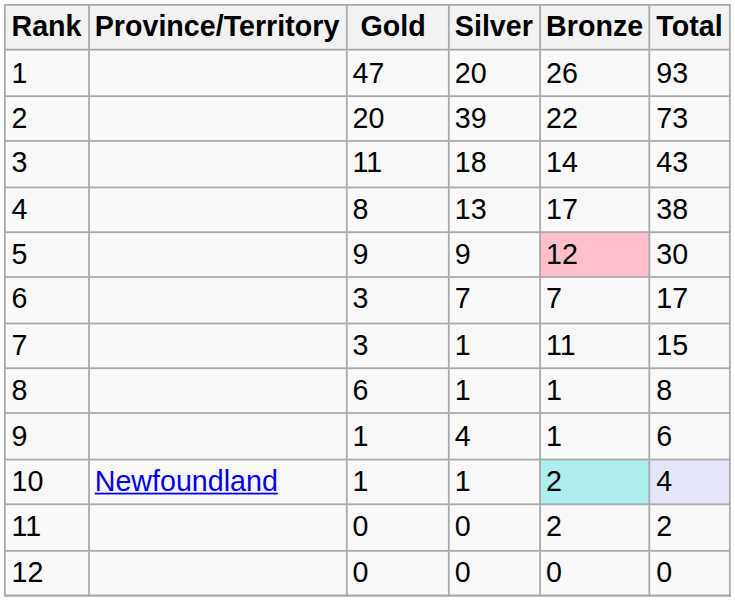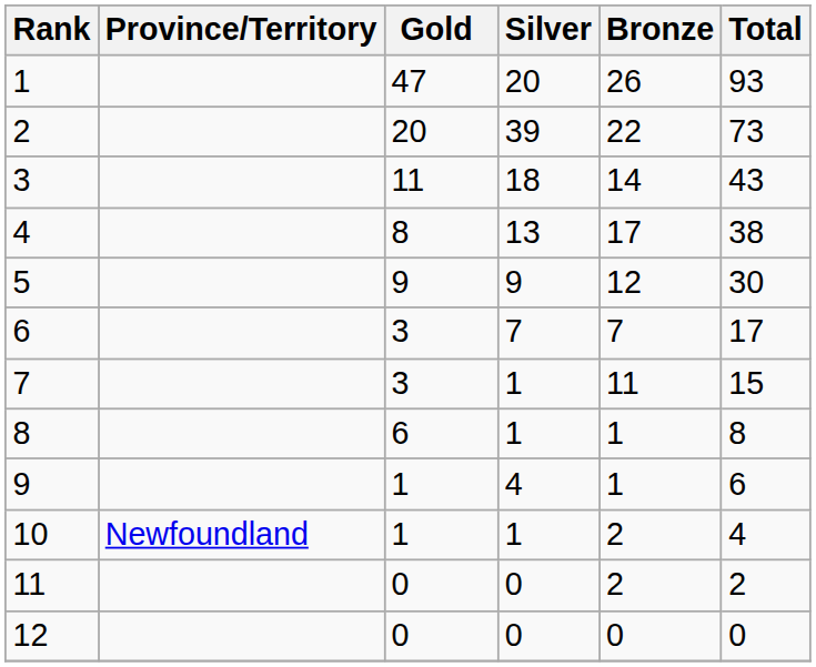 <table class="wikitable">
 <tr>
 <th><strong>Rank</strong></th>
 <th><strong>Province/Territory</strong></th>
 <th bgcolor="gold"><strong> Gold  </strong></th>
 <th bgcolor="silver"><strong>Silver</strong></th>
 <th bgcolor="CC9966"><strong>Bronze</strong></th>
 <th><strong>Total</strong></th>
 </tr>
 <tr>
 <td>1</td>
 <td></td>
 <td>47</td>
 <td>20</td>
 <td>26</td>
 <td>93</td>
 </tr>
 <tr>
 <td>2</td>
 <td></td>
 <td>20</td>
 <td>39</td>
 <td>22</td>
 <td>73</td>
 </tr>
 <tr>
 <td>3</td>
 <td></td>
 <td>11</td>
 <td>18</td>
 <td>14</td>
 <td>43</td>
 </tr>
 <tr>
 <td>4</td>
 <td></td>
 <td>8</td>
 <td>13</td>
 <td>17</td>
 <td>38</td>
 </tr>
 <tr>
 <td>5</td>
 <td><strong></strong></td>
 <td>9</td>
 <td>9</td>
-<td style="background: pink;">12</td>
+<td>12</td>
 <td>30</td>
 </tr>
 <tr>
 <td>6</td>
 <td></td>
 <td>3</td>
 <td>7</td>
 <td>7</td>
 <td>17</td>
 </tr>
 <tr>
 <td>7</td>
 <td></td>
 <td>3</td>
 <td>1</td>
 <td>11</td>
 <td>15</td>
 </tr>
 <tr>
 <td>8</td>
 <td></td>
 <td>6</td>
 <td>1</td>
 <td>1</td>
 <td>8</td>
 </tr>
 <tr>
 <td>9</td>
 <td></td>
 <td>1</td>
 <td>4</td>
 <td>1</td>
 <td>6</td>
 </tr>
 <tr>
 <td>10</td>
 <td> <a href='#'>Newfoundland</a></td>
 <td>1</td>
 <td>1</td>
-<td style="background: paleturquoise;">2</td>
-<td style="background: lavender;">4</td>
+<td>2</td>
+<td>4</td>
 </tr>
 <tr>
 <td>11</td>
 <td></td>
 <td>0</td>
 <td>0</td>
 <td>2</td>
 <td>2</td>
 </tr>
 <tr>
 <td>12</td>
 <td></td>
 <td>0</td>
 <td>0</td>
 <td>0</td>
 <td>0</td>
 </tr>
 <tr>
 </tr>
 </table>
